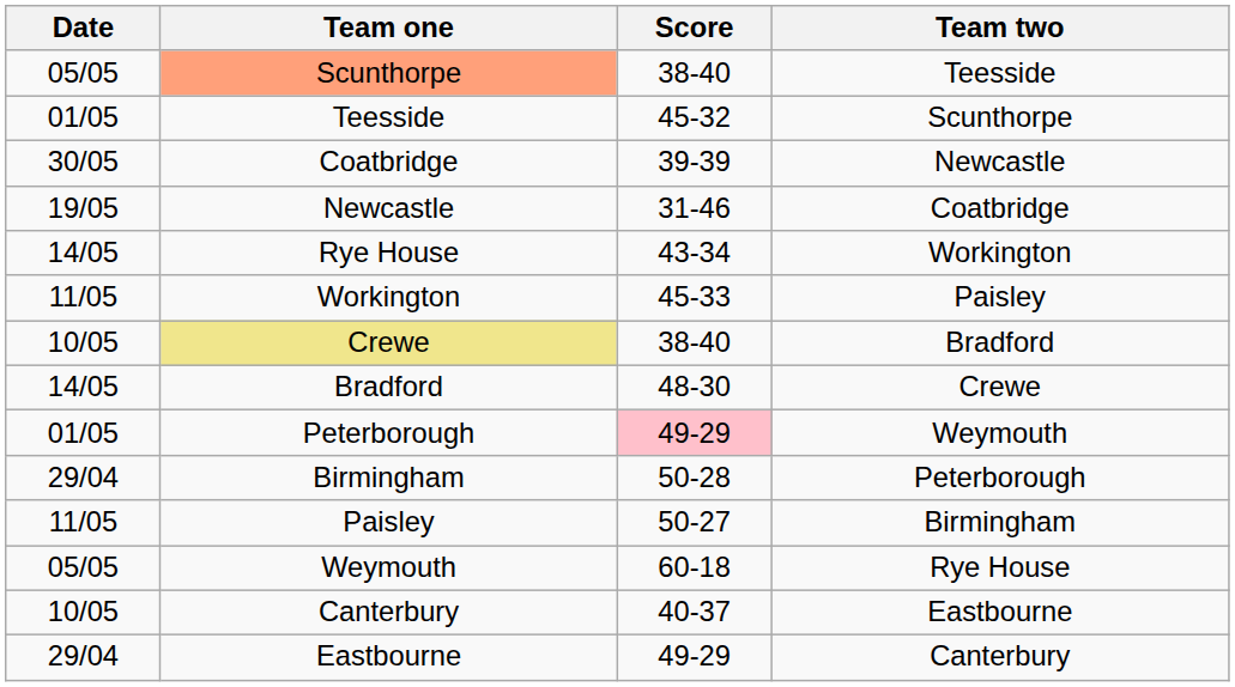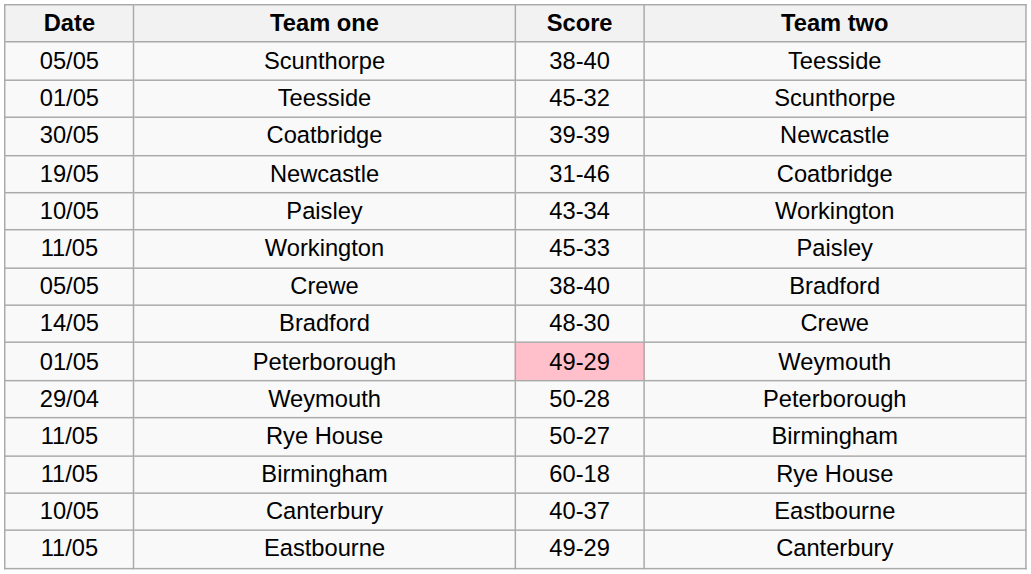 <table class="wikitable" style="text-align: center">
 <tr>
 <th width=80>Date</th>
 <th width=250>Team one</th>
 <th width=80>Score</th>
 <th width=250>Team two</th>
 </tr>
 <tr>
 <td>05/05</td>
-<td style="background: lightsalmon;">Scunthorpe</td>
+<td>Scunthorpe</td>
 <td>38-40</td>
 <td>Teesside</td>
 </tr>
 <tr>
 <td>01/05</td>
 <td>Teesside</td>
 <td>45-32</td>
 <td>Scunthorpe</td>
 </tr>
 <tr>
 <td>30/05</td>
 <td>Coatbridge</td>
 <td>39-39</td>
 <td>Newcastle</td>
 </tr>
 <tr>
 <td>19/05</td>
 <td>Newcastle</td>
 <td>31-46</td>
 <td>Coatbridge</td>
 </tr>
 <tr>
-<td>14/05</td>
-<td>Rye House</td>
+<td>10/05</td>
+<td>Paisley</td>
 <td>43-34</td>
 <td>Workington</td>
 </tr>
 <tr>
 <td>11/05</td>
 <td>Workington</td>
 <td>45-33</td>
 <td>Paisley</td>
 </tr>
 <tr>
-<td>10/05</td>
-<td style="background: khaki;">Crewe</td>
+<td>05/05</td>
+<td>Crewe</td>
 <td>38-40</td>
 <td>Bradford</td>
 </tr>
 <tr>
 <td>14/05</td>
 <td>Bradford</td>
 <td>48-30</td>
 <td>Crewe</td>
 </tr>
 <tr>
 <td>01/05</td>
 <td>Peterborough</td>
 <td style="background: pink;">49-29</td>
 <td>Weymouth</td>
 </tr>
 <tr>
 <td>29/04</td>
-<td>Birmingham</td>
+<td>Weymouth</td>
 <td>50-28</td>
 <td>Peterborough</td>
 </tr>
 <tr>
 <td>11/05</td>
-<td>Paisley</td>
+<td>Rye House</td>
 <td>50-27</td>
 <td>Birmingham</td>
 </tr>
 <tr>
-<td>05/05</td>
-<td>Weymouth</td>
+<td>11/05</td>
+<td>Birmingham</td>
 <td>60-18</td>
 <td>Rye House</td>
 </tr>
 <tr>
 <td>10/05</td>
 <td>Canterbury</td>
 <td>40-37</td>
 <td>Eastbourne</td>
 </tr>
 <tr>
-<td>29/04</td>
+<td>11/05</td>
 <td>Eastbourne</td>
 <td>49-29</td>
 <td>Canterbury</td>
 </tr>
 </table>
